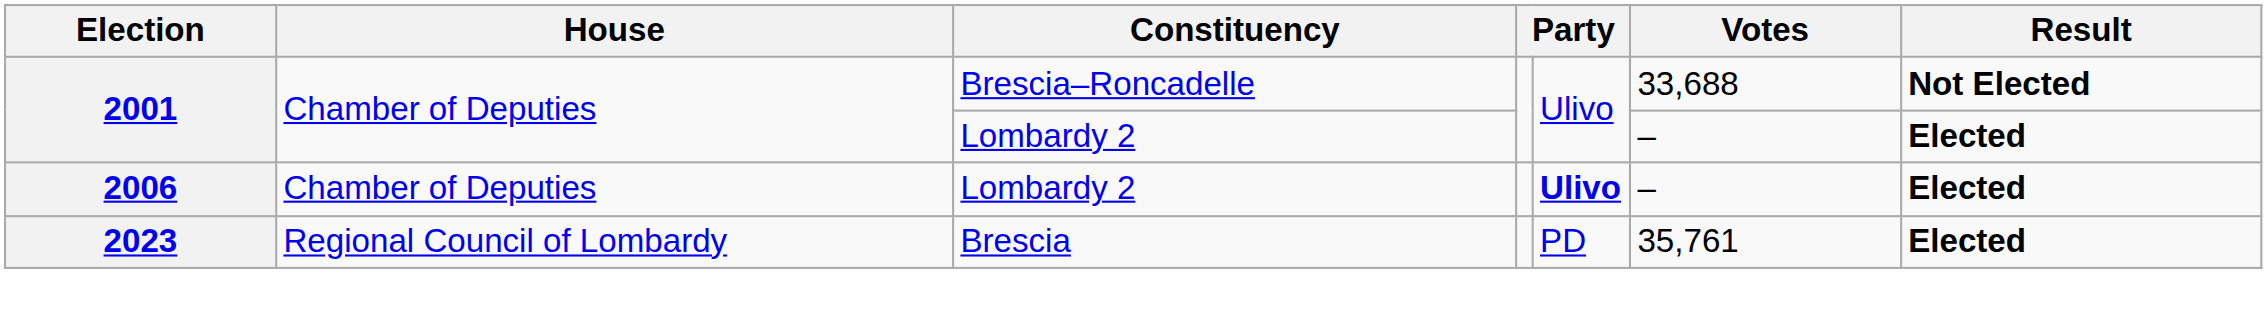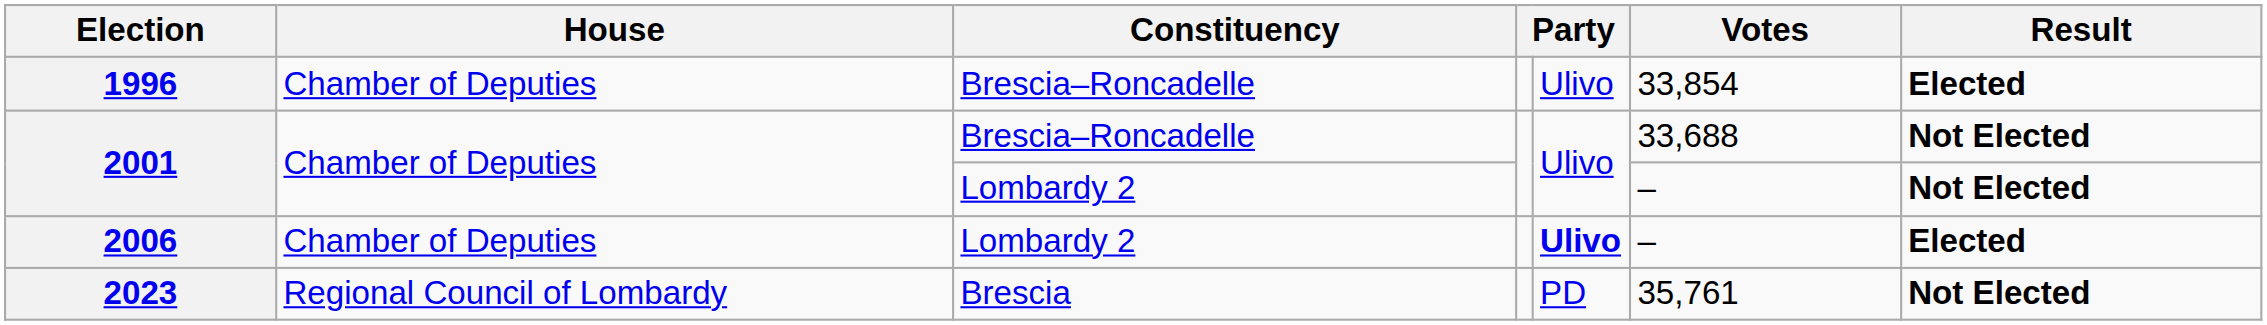 <table class=wikitable style="width:55%; border:1px #AAAAFF solid">
 <tr>
 <th width=12%>Election</th>
 <th width=30%>House</th>
 <th width=25%>Constituency</th>
 <th width=5% colspan="2">Party</th>
 <th width=12%>Votes</th>
 <th width=20%>Result</th>
+</tr>
+<tr>
+<th><a href='#'>1996</a></th>
+<td><a href='#'>Chamber of Deputies</a></td>
+<td><a href='#'>Brescia–Roncadelle</a></td>
+<td></td>
+<td><a href='#'>Ulivo</a></td>
+<td>33,854</td>
+<td> <strong>Elected</strong></td>
 </tr>
 <tr>
 <th rowspan=2><a href='#'>2001</a></th>
 <td rowspan=2><a href='#'>Chamber of Deputies</a></td>
 <td><a href='#'>Brescia–Roncadelle</a></td>
 <td rowspan=2></td>
 <td rowspan=2><a href='#'>Ulivo</a></td>
 <td>33,688</td>
 <td> <strong>Not Elected</strong></td>
 </tr>
 <tr>
 <td><a href='#'>Lombardy 2</a></td>
 <td>–</td>
-<td> <strong>Elected</strong></td>
+<td> <strong>Not Elected</strong></td>
 </tr>
 <tr>
 <th><a href='#'>2006</a></th>
 <td><a href='#'>Chamber of Deputies</a></td>
 <td><a href='#'>Lombardy 2</a></td>
 <td></td>
 <td><strong><a href='#'>Ulivo</a></strong></td>
 <td>–</td>
 <td> <strong>Elected</strong></td>
 </tr>
 <tr>
 <th><a href='#'>2023</a></th>
 <td><a href='#'>Regional Council of Lombardy</a></td>
 <td><a href='#'>Brescia</a></td>
 <td></td>
 <td><a href='#'>PD</a></td>
 <td>35,761</td>
-<td> <strong>Elected</strong></td>
+<td> <strong>Not Elected</strong></td>
 </tr>
 </table>
